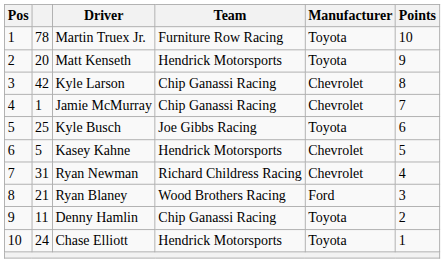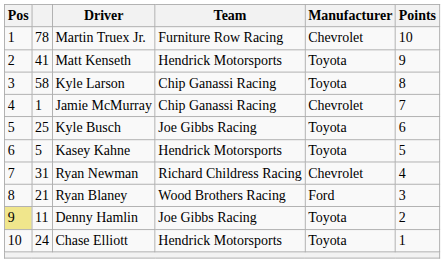 <table class="wikitable" style="font-size:98%">
 <tr>
 <th>Pos</th>
 <th></th>
 <th>Driver</th>
 <th>Team</th>
 <th>Manufacturer</th>
 <th>Points</th>
 </tr>
 <tr>
 <td>1</td>
 <td>78</td>
 <td>Martin Truex Jr.</td>
 <td>Furniture Row Racing</td>
-<td>Toyota</td>
+<td>Chevrolet</td>
 <td>10</td>
 </tr>
 <tr>
 <td>2</td>
-<td>20</td>
+<td>41</td>
 <td>Matt Kenseth</td>
 <td>Hendrick Motorsports</td>
 <td>Toyota</td>
 <td>9</td>
 </tr>
 <tr>
 <td>3</td>
-<td>42</td>
+<td>58</td>
 <td>Kyle Larson</td>
 <td>Chip Ganassi Racing</td>
-<td>Chevrolet</td>
+<td>Toyota</td>
 <td>8</td>
 </tr>
 <tr>
 <td>4</td>
 <td>1</td>
 <td>Jamie McMurray</td>
 <td>Chip Ganassi Racing</td>
 <td>Chevrolet</td>
 <td>7</td>
 </tr>
 <tr>
 <td>5</td>
 <td>25</td>
 <td>Kyle Busch</td>
 <td>Joe Gibbs Racing</td>
 <td>Toyota</td>
 <td>6</td>
 </tr>
 <tr>
 <td>6</td>
 <td>5</td>
 <td>Kasey Kahne</td>
 <td>Hendrick Motorsports</td>
-<td>Chevrolet</td>
+<td>Toyota</td>
 <td>5</td>
 </tr>
 <tr>
 <td>7</td>
 <td>31</td>
 <td>Ryan Newman</td>
 <td>Richard Childress Racing</td>
 <td>Chevrolet</td>
 <td>4</td>
 </tr>
 <tr>
 <td>8</td>
 <td>21</td>
 <td>Ryan Blaney</td>
 <td>Wood Brothers Racing</td>
 <td>Ford</td>
 <td>3</td>
 </tr>
 <tr>
-<td>9</td>
+<td style="background: khaki;">9</td>
 <td>11</td>
 <td>Denny Hamlin</td>
-<td>Chip Ganassi Racing</td>
+<td>Joe Gibbs Racing</td>
 <td>Toyota</td>
 <td>2</td>
 </tr>
 <tr>
 <td>10</td>
 <td>24</td>
 <td>Chase Elliott</td>
 <td>Hendrick Motorsports</td>
 <td>Toyota</td>
 <td>1</td>
 </tr>
 <tr>
 <th colspan="6"></th>
 </tr>
 </table>
